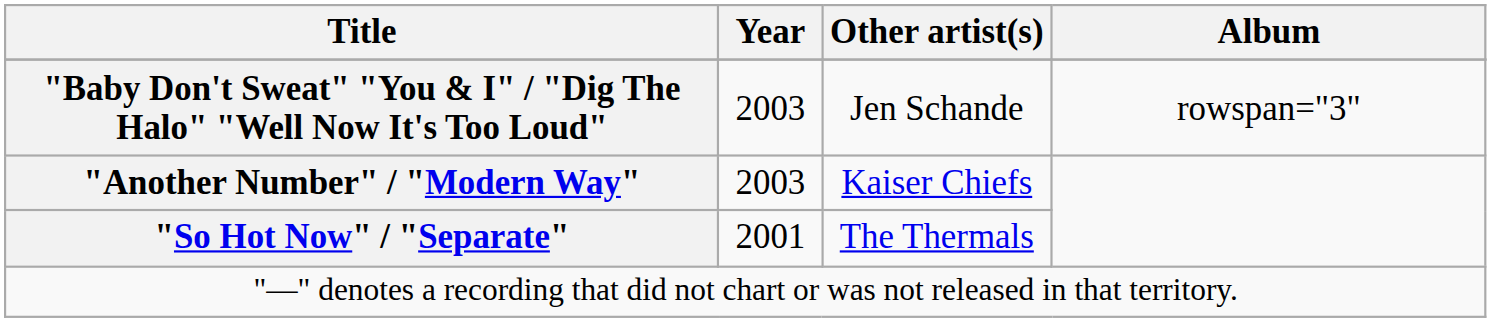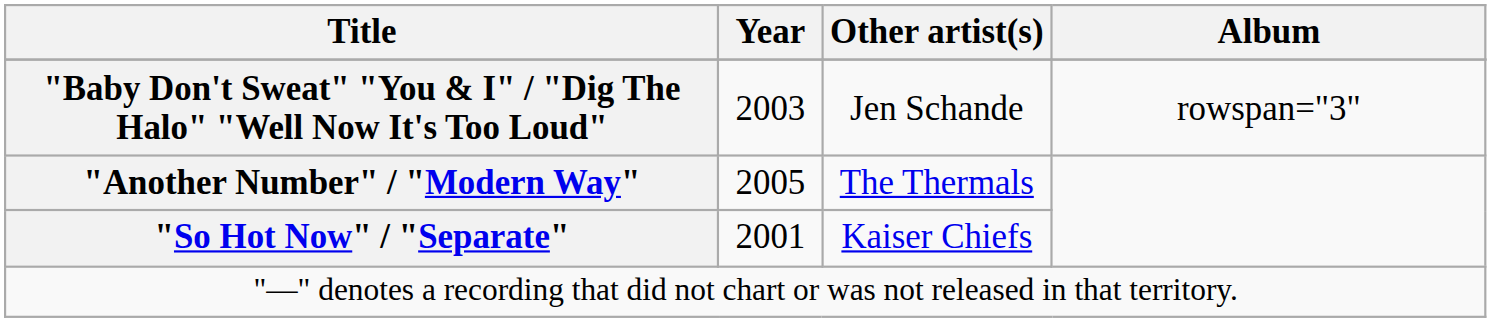 <table class="wikitable plainrowheaders" style="text-align:center;">
 <tr>
 <th rowspan="1" scope="col" style="width:20em;">Title</th>
 <th rowspan="1" scope="col" style="width:2.5em;">Year</th>
 <th rowspan="1" scope="col">Other artist(s)</th>
 <th rowspan="1" scope="col" style="width:12em;">Album</th>
 </tr>
 <tr>
 </tr>
 <tr>
 <th scope="row">"Baby Don't Sweat" "You & I" / "Dig The Halo" "Well Now It's Too Loud"</th>
 <td>2003</td>
 <td>Jen Schande</td>
 <td>rowspan="3" </td>
 </tr>
 <tr>
 <th scope="row">"Another Number" / "<a href='#'>Modern Way</a>"</th>
-<td>2003</td>
-<td><a href='#'>Kaiser Chiefs</a></td>
+<td>2005</td>
+<td><a href='#'>The Thermals</a></td>
 </tr>
 <tr>
 <th scope="row">"<a href='#'>So Hot Now</a>" / "<a href='#'>Separate</a>"</th>
 <td>2001</td>
-<td><a href='#'>The Thermals</a></td>
+<td><a href='#'>Kaiser Chiefs</a></td>
 </tr>
 <tr>
 <td colspan="9" style="font-size:90%">"—" denotes a recording that did not chart or was not released in that territory.</td>
 </tr>
 </table>
